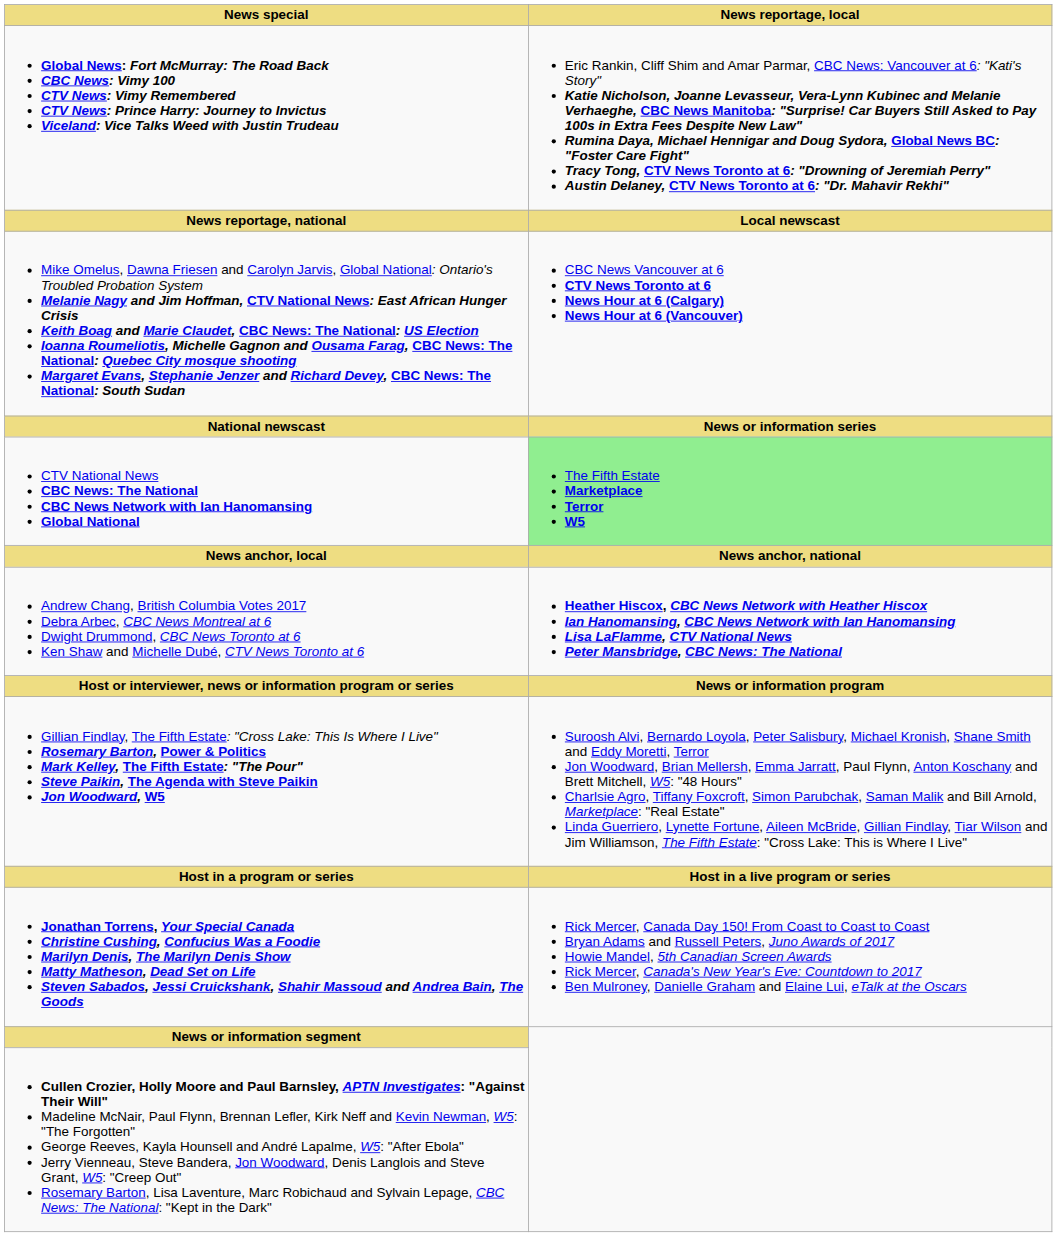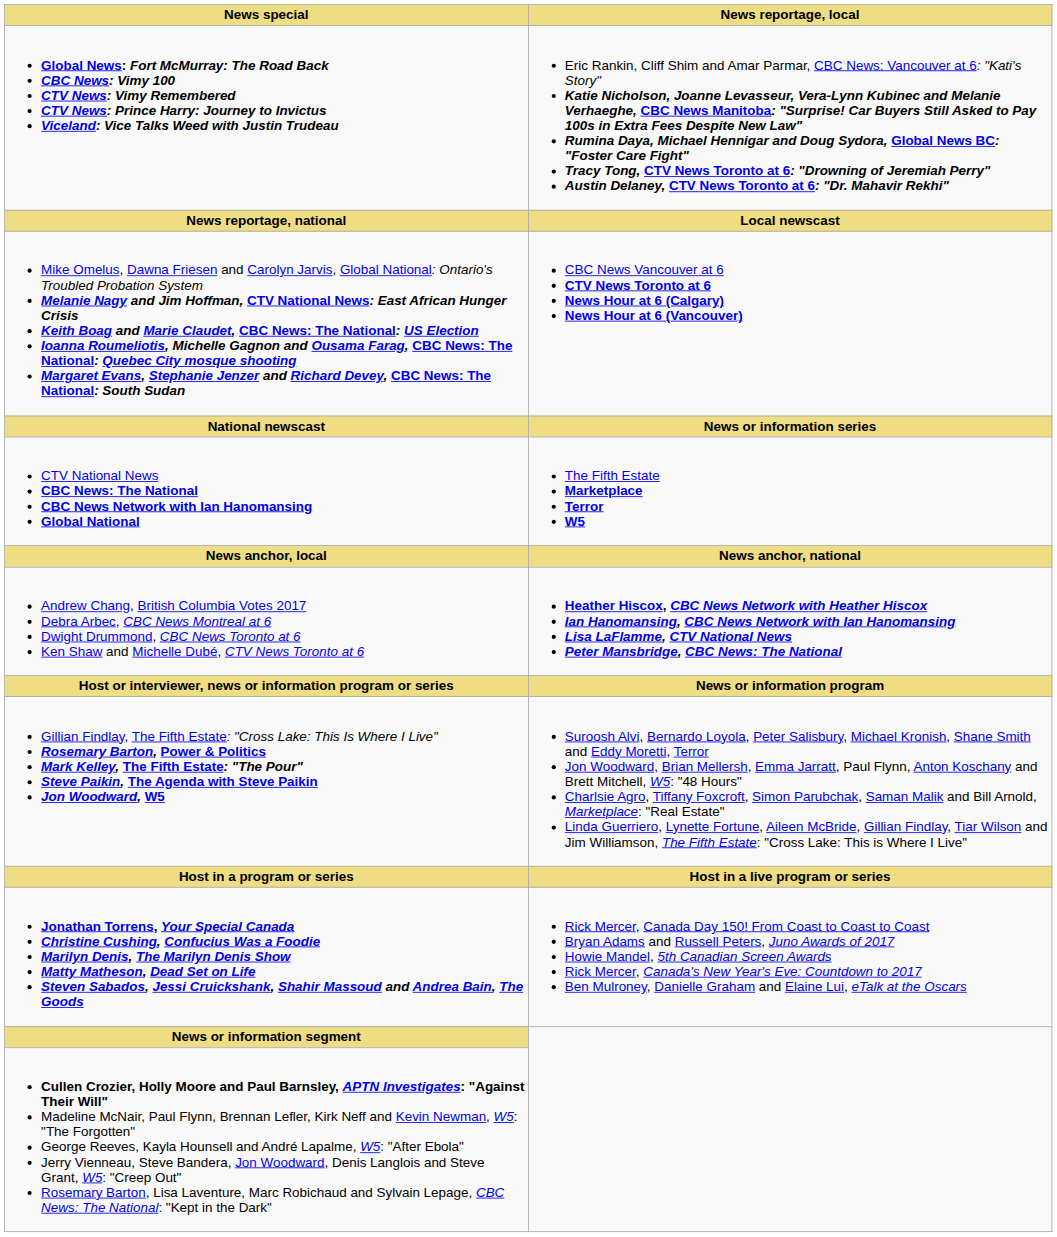 <table class="wikitable" style="width=100%">
 <tr>
 <th style="background:#EEDD82; width:50%">News special</th>
 <th style="background:#EEDD82; width:50%">News reportage, local</th>
 </tr>
 <tr>
 <td valign="top"><br><ul><li> <strong><a href='#'>Global News</a>: <em>Fort McMurray: The Road Back<strong><em></li><li><a href='#'>CBC News</a>: </em>Vimy 100<em></li><li><a href='#'>CTV News</a>: </em>Vimy Remembered<em></li><li><a href='#'>CTV News</a>: </em>Prince Harry: Journey to Invictus<em></li><li><a href='#'>Viceland</a>: </em>Vice Talks Weed with Justin Trudeau<em></li></ul></td>
 <td valign="top"><br><ul><li> </strong>Eric Rankin, Cliff Shim and Amar Parmar, </em><a href='#'>CBC News: Vancouver at 6</a><em>: "Kati's Story"<strong></li><li>Katie Nicholson, Joanne Levasseur, Vera-Lynn Kubinec and Melanie Verhaeghe, </em><a href='#'>CBC News Manitoba</a><em>: "Surprise! Car Buyers Still Asked to Pay 100s in Extra Fees Despite New Law"</li><li>Rumina Daya, Michael Hennigar and Doug Sydora, </em><a href='#'>Global News BC</a><em>: "Foster Care Fight"</li><li>Tracy Tong, </em><a href='#'>CTV News Toronto at 6</a><em>: "Drowning of Jeremiah Perry"</li><li>Austin Delaney, </em><a href='#'>CTV News Toronto at 6</a><em>: "Dr. Mahavir Rekhi"</li></ul></td>
 </tr>
 <tr>
 <th style="background:#EEDD82; width:50%">News reportage, national</th>
 <th style="background:#EEDD82; width:50%">Local newscast</th>
 </tr>
 <tr>
 <td valign="top"><br><ul><li> </strong><a href='#'>Mike Omelus</a>, <a href='#'>Dawna Friesen</a> and <a href='#'>Carolyn Jarvis</a>, </em><a href='#'>Global National</a><em>: Ontario's Troubled Probation System<strong></li><li><a href='#'>Melanie Nagy</a> and Jim Hoffman, </em><a href='#'>CTV National News</a><em>: East African Hunger Crisis</li><li><a href='#'>Keith Boag</a> and <a href='#'>Marie Claudet</a>, </em><a href='#'>CBC News: The National</a><em>: <a href='#'>US Election</a></li><li><a href='#'>Ioanna Roumeliotis</a>, Michelle Gagnon and <a href='#'>Ousama Farag</a>, </em><a href='#'>CBC News: The National</a><em>: <a href='#'>Quebec City mosque shooting</a></li><li><a href='#'>Margaret Evans</a>, <a href='#'>Stephanie Jenzer</a> and <a href='#'>Richard Devey</a>, </em><a href='#'>CBC News: The National</a><em>: South Sudan</li></ul></td>
 <td valign="top"><br><ul><li> </em></strong><a href='#'>CBC News Vancouver at 6</a><strong><em></li><li></em><a href='#'>CTV News Toronto at 6</a><em></li><li></em><a href='#'>News Hour at 6 (Calgary)</a><em></li><li></em><a href='#'>News Hour at 6 (Vancouver)</a><em></li></ul></td>
 </tr>
 <tr>
 <th style="background:#EEDD82; width:50%">National newscast</th>
 <th style="background:#EEDD82; width:50%">News or information series</th>
 </tr>
 <tr>
 <td valign="top"><br><ul><li> </em></strong><a href='#'>CTV National News</a><strong><em></li><li></em><a href='#'>CBC News: The National</a><em></li><li></em><a href='#'>CBC News Network with Ian Hanomansing</a><em></li><li></em><a href='#'>Global National</a><em></li></ul></td>
-<td valign="top" style="background: lightgreen;"><br><ul><li> </em></strong><a href='#'>The Fifth Estate</a><strong><em></li><li></em><a href='#'>Marketplace</a><em></li><li></em><a href='#'>Terror</a><em></li><li></em><a href='#'>W5</a><em></li></ul></td>
+<td valign="top"><br><ul><li> </em></strong><a href='#'>The Fifth Estate</a><strong><em></li><li></em><a href='#'>Marketplace</a><em></li><li></em><a href='#'>Terror</a><em></li><li></em><a href='#'>W5</a><em></li></ul></td>
 </tr>
 <tr>
 <th style="background:#EEDD82; width:50%">News anchor, local</th>
 <th style="background:#EEDD82; width:50%">News anchor, national</th>
 </tr>
 <tr>
 <td valign="top"><br><ul><li> </strong><a href='#'>Andrew Chang</a>, </em><a href='#'>British Columbia Votes 2017</a></em></strong></li><li><a href='#'>Debra Arbec</a>, <em><a href='#'>CBC News Montreal at 6</a></em></li><li><a href='#'>Dwight Drummond</a>, <em><a href='#'>CBC News Toronto at 6</a></em></li><li><a href='#'>Ken Shaw</a> and <a href='#'>Michelle Dubé</a>, <em><a href='#'>CTV News Toronto at 6</a></em></li></ul></td>
 <td valign="top"><br><ul><li> <strong><a href='#'>Heather Hiscox</a>, <em><a href='#'>CBC News Network with Heather Hiscox</a><strong><em></li><li><a href='#'>Ian Hanomansing</a>, </em><a href='#'>CBC News Network with Ian Hanomansing</a><em></li><li><a href='#'>Lisa LaFlamme</a>, </em><a href='#'>CTV National News</a><em></li><li><a href='#'>Peter Mansbridge</a>, </em><a href='#'>CBC News: The National</a><em></li></ul></td>
 </tr>
 <tr>
 <th style="background:#EEDD82; width:50%">Host or interviewer, news or information program or series</th>
 <th style="background:#EEDD82; width:50%">News or information program</th>
 </tr>
 <tr>
 <td valign="top"><br><ul><li> </strong><a href='#'>Gillian Findlay</a>, </em><a href='#'>The Fifth Estate</a><em>: "Cross Lake: This Is Where I Live"<strong></li><li><a href='#'>Rosemary Barton</a>, </em><a href='#'>Power & Politics</a><em></li><li><a href='#'>Mark Kelley</a>, </em><a href='#'>The Fifth Estate</a><em>: "The Pour"</li><li><a href='#'>Steve Paikin</a>, </em><a href='#'>The Agenda with Steve Paikin</a><em></li><li><a href='#'>Jon Woodward</a>, </em><a href='#'>W5</a><em></li></ul></td>
 <td valign="top"><br><ul><li> </strong><a href='#'>Suroosh Alvi</a>, <a href='#'>Bernardo Loyola</a>, <a href='#'>Peter Salisbury</a>, <a href='#'>Michael Kronish</a>, <a href='#'>Shane Smith</a> and <a href='#'>Eddy Moretti</a>, </em><a href='#'>Terror</a></em></strong></li><li><a href='#'>Jon Woodward</a>, <a href='#'>Brian Mellersh</a>, <a href='#'>Emma Jarratt</a>, Paul Flynn, <a href='#'>Anton Koschany</a> and Brett Mitchell, <em><a href='#'>W5</a></em>: "48 Hours"</li><li><a href='#'>Charlsie Agro</a>, <a href='#'>Tiffany Foxcroft</a>, <a href='#'>Simon Parubchak</a>, <a href='#'>Saman Malik</a> and Bill Arnold, <em><a href='#'>Marketplace</a></em>: "Real Estate"</li><li><a href='#'>Linda Guerriero</a>, <a href='#'>Lynette Fortune</a>, <a href='#'>Aileen McBride</a>, <a href='#'>Gillian Findlay</a>, <a href='#'>Tiar Wilson</a> and Jim Williamson, <em><a href='#'>The Fifth Estate</a></em>: "Cross Lake: This is Where I Live"</li></ul></td>
 </tr>
 <tr>
 <th style="background:#EEDD82; width:50%">Host in a program or series</th>
 <th style="background:#EEDD82; width:50%">Host in a live program or series</th>
 </tr>
 <tr>
 <td valign="top"><br><ul><li> <strong><a href='#'>Jonathan Torrens</a>, <em><a href='#'>Your Special Canada</a><strong><em></li><li><a href='#'>Christine Cushing</a>, </em><a href='#'>Confucius Was a Foodie</a><em></li><li><a href='#'>Marilyn Denis</a>, </em><a href='#'>The Marilyn Denis Show</a><em></li><li><a href='#'>Matty Matheson</a>, </em><a href='#'>Dead Set on Life</a><em></li><li><a href='#'>Steven Sabados</a>, <a href='#'>Jessi Cruickshank</a>, <a href='#'>Shahir Massoud</a> and <a href='#'>Andrea Bain</a>, </em><a href='#'>The Goods</a><em></li></ul></td>
 <td valign="top"><br><ul><li> </strong><a href='#'>Rick Mercer</a>, </em><a href='#'>Canada Day 150! From Coast to Coast to Coast</a></em></strong></li><li><a href='#'>Bryan Adams</a> and <a href='#'>Russell Peters</a>, <em><a href='#'>Juno Awards of 2017</a></em></li><li><a href='#'>Howie Mandel</a>, <em><a href='#'>5th Canadian Screen Awards</a></em></li><li><a href='#'>Rick Mercer</a>, <em><a href='#'>Canada's New Year's Eve: Countdown to 2017</a></em></li><li><a href='#'>Ben Mulroney</a>, <a href='#'>Danielle Graham</a> and <a href='#'>Elaine Lui</a>, <em><a href='#'>eTalk at the Oscars</a></em></li></ul></td>
 </tr>
 <tr>
 <th style="background:#EEDD82; width:50%">News or information segment</th>
 </tr>
 <tr>
 <td valign="top"><br><ul><li> <strong>Cullen Crozier, Holly Moore and Paul Barnsley, <em><a href='#'>APTN Investigates</a></em>: "Against Their Will"</strong></li><li>Madeline McNair, Paul Flynn, Brennan Lefler, Kirk Neff and <a href='#'>Kevin Newman</a>, <em><a href='#'>W5</a></em>: "The Forgotten"</li><li>George Reeves, Kayla Hounsell and André Lapalme, <em><a href='#'>W5</a></em>: "After Ebola"</li><li>Jerry Vienneau, Steve Bandera, <a href='#'>Jon Woodward</a>, Denis Langlois and Steve Grant, <em><a href='#'>W5</a></em>: "Creep Out"</li><li><a href='#'>Rosemary Barton</a>, Lisa Laventure, Marc Robichaud and Sylvain Lepage, <em><a href='#'>CBC News: The National</a></em>: "Kept in the Dark"</li></ul></td>
 </tr>
 </table>
